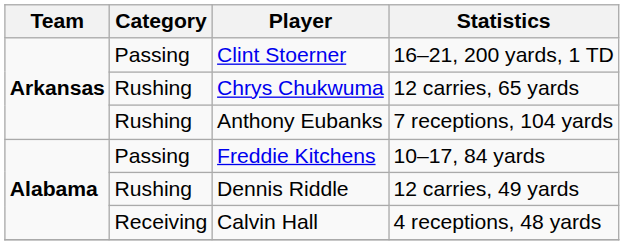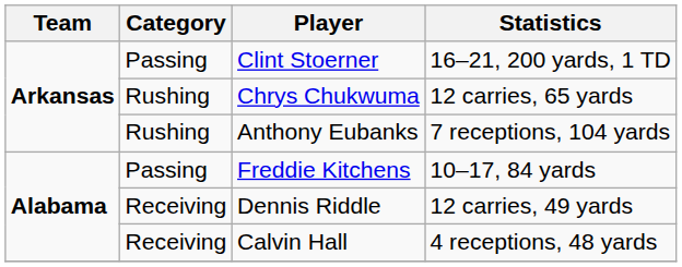 <table class="wikitable" style="float: right;">
 <tr>
 <th>Team</th>
 <th>Category</th>
 <th>Player</th>
 <th>Statistics</th>
 </tr>
 <tr>
 <td rowspan=3><strong>Arkansas</strong></td>
 <td>Passing</td>
 <td><a href='#'>Clint Stoerner</a></td>
 <td>16–21, 200 yards, 1 TD</td>
 </tr>
 <tr>
 <td>Rushing</td>
 <td><a href='#'>Chrys Chukwuma</a></td>
 <td>12 carries, 65 yards</td>
 </tr>
 <tr>
 <td>Rushing</td>
 <td>Anthony Eubanks</td>
 <td>7 receptions, 104 yards</td>
 </tr>
 <tr>
 <td rowspan=3><strong>Alabama</strong></td>
 <td>Passing</td>
 <td><a href='#'>Freddie Kitchens</a></td>
 <td>10–17, 84 yards</td>
 </tr>
 <tr>
-<td>Rushing</td>
+<td>Receiving</td>
 <td>Dennis Riddle</td>
 <td>12 carries, 49 yards</td>
 </tr>
 <tr>
 <td>Receiving</td>
 <td>Calvin Hall</td>
 <td>4 receptions, 48 yards</td>
 </tr>
 <tr>
 </tr>
 </table>
